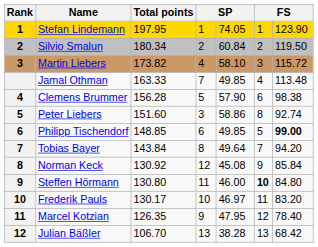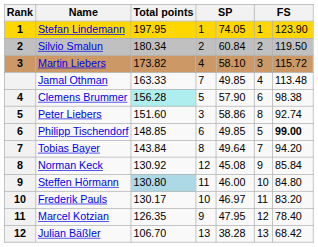 <table class="wikitable">
 <tr>
 <th>Rank</th>
 <th>Name</th>
 <th>Total points</th>
 <th colspan="2" width="80px">SP</th>
 <th colspan="2" width="80px">FS</th>
 </tr>
 <tr bgcolor="gold">
 <td align="center"><strong>1</strong></td>
 <td><a href='#'>Stefan Lindemann</a></td>
 <td>197.95</td>
 <td>1</td>
 <td>74.05</td>
 <td>1</td>
 <td>123.90</td>
 </tr>
 <tr bgcolor="silver">
 <td align="center"><strong>2</strong></td>
 <td><a href='#'>Silvio Smalun</a></td>
 <td>180.34</td>
 <td>2</td>
 <td>60.84</td>
 <td>2</td>
 <td>119.50</td>
 </tr>
 <tr bgcolor="cc9966">
 <td align="center"><strong>3</strong></td>
 <td><a href='#'>Martin Liebers</a></td>
 <td>173.82</td>
 <td>4</td>
 <td>58.10</td>
 <td>3</td>
 <td>115.72</td>
 </tr>
 <tr>
 <th></th>
 <td> <a href='#'>Jamal Othman</a></td>
 <td>163.33</td>
 <td>7</td>
 <td>49.85</td>
 <td>4</td>
 <td>113.48</td>
 </tr>
 <tr>
 <th>4</th>
 <td><a href='#'>Clemens Brummer</a></td>
-<td>156.28</td>
+<td style="background: paleturquoise;">156.28</td>
 <td>5</td>
 <td>57.90</td>
 <td>6</td>
 <td>98.38</td>
 </tr>
 <tr>
 <th>5</th>
 <td><a href='#'>Peter Liebers</a></td>
 <td>151.60</td>
 <td>3</td>
 <td>58.86</td>
 <td>8</td>
 <td>92.74</td>
 </tr>
 <tr>
 <th>6</th>
 <td><a href='#'>Philipp Tischendorf</a></td>
 <td>148.85</td>
 <td>6</td>
 <td>49.85</td>
 <td>5</td>
 <td><strong>99.00</strong></td>
 </tr>
 <tr>
 <th>7</th>
 <td><a href='#'>Tobias Bayer</a></td>
 <td>143.84</td>
 <td>8</td>
 <td>49.64</td>
 <td>7</td>
 <td>94.20</td>
 </tr>
 <tr>
 <th>8</th>
 <td><a href='#'>Norman Keck</a></td>
 <td>130.92</td>
 <td>12</td>
 <td>45.08</td>
 <td>9</td>
 <td>85.84</td>
 </tr>
 <tr>
 <th>9</th>
 <td><a href='#'>Steffen Hörmann</a></td>
-<td>130.80</td>
+<td style="background: lightblue;">130.80</td>
 <td>11</td>
 <td>46.00</td>
-<td><strong>10</strong></td>
+<td>10</td>
 <td>84.80</td>
 </tr>
 <tr>
 <th>10</th>
 <td><a href='#'>Frederik Pauls</a></td>
 <td>130.17</td>
 <td>10</td>
 <td>46.97</td>
 <td>11</td>
 <td>83.20</td>
 </tr>
 <tr>
 <th>11</th>
 <td><a href='#'>Marcel Kotzian</a></td>
 <td>126.35</td>
 <td>9</td>
 <td>47.95</td>
 <td>12</td>
 <td>78.40</td>
 </tr>
 <tr>
 <th>12</th>
 <td><a href='#'>Julian Bäßler</a></td>
 <td>106.70</td>
 <td>13</td>
 <td>38.28</td>
 <td>13</td>
 <td>68.42</td>
 </tr>
 </table>
